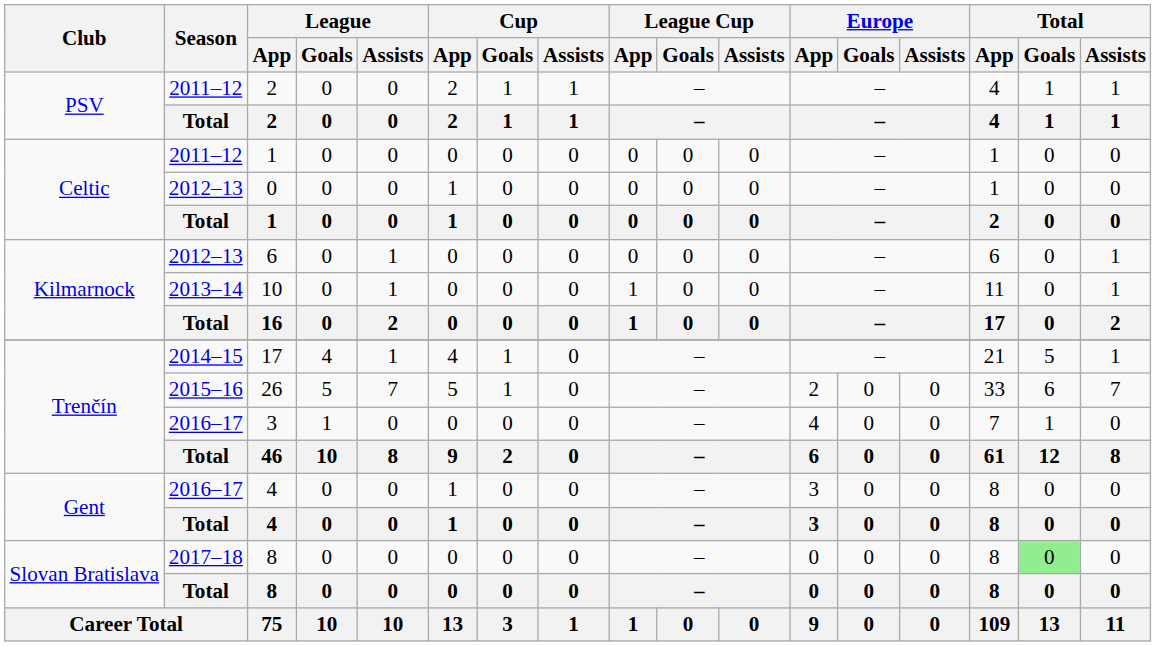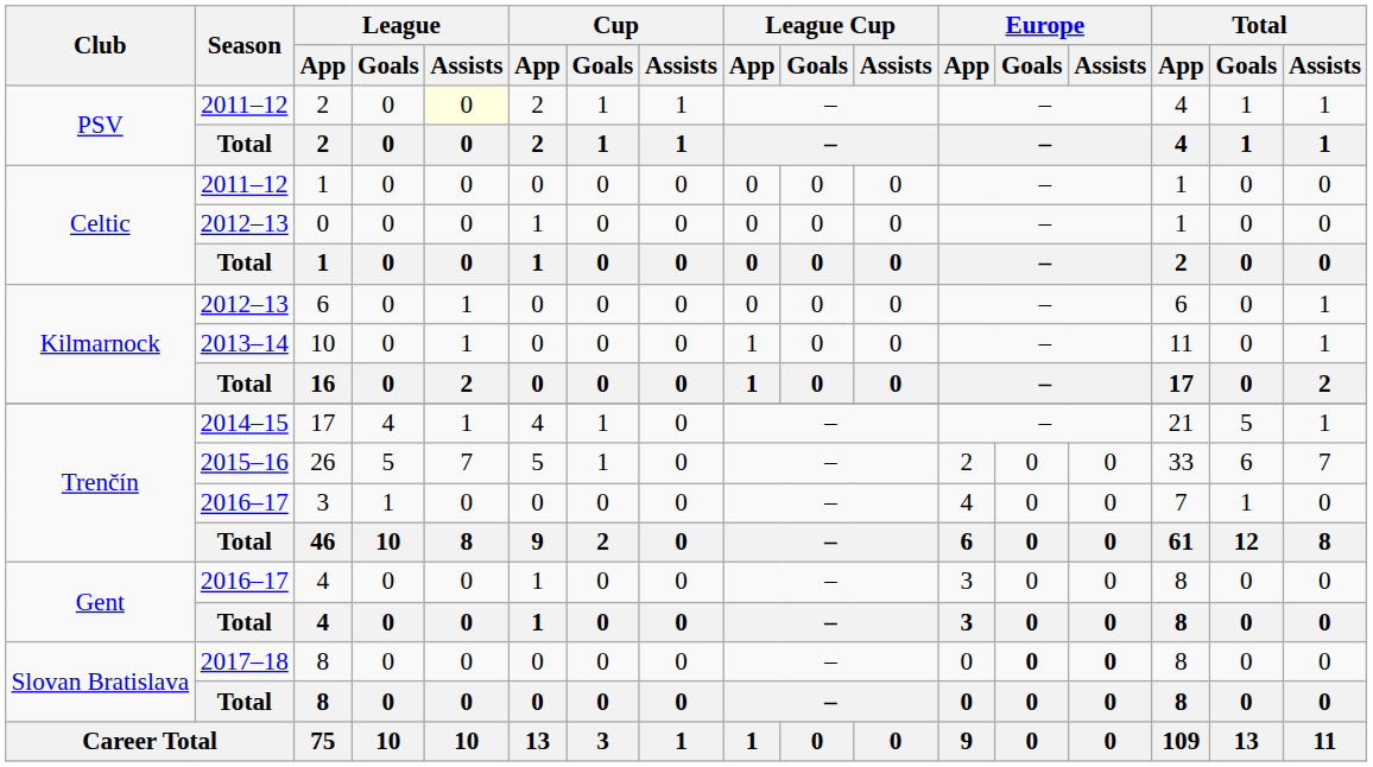 <table class="wikitable" style="text-align: center;">
 <tr>
 <th rowspan="2">Club</th>
 <th rowspan="2">Season</th>
 <th colspan="3">League</th>
 <th colspan="3">Cup</th>
 <th colspan="3">League Cup</th>
 <th colspan="3"><a href='#'>Europe</a></th>
 <th colspan="3">Total</th>
 </tr>
 <tr>
 <th>App</th>
 <th>Goals</th>
 <th>Assists</th>
 <th>App</th>
 <th>Goals</th>
 <th>Assists</th>
 <th>App</th>
 <th>Goals</th>
 <th>Assists</th>
 <th>App</th>
 <th>Goals</th>
 <th>Assists</th>
 <th>App</th>
 <th>Goals</th>
 <th>Assists</th>
 </tr>
 <tr>
 <td rowspan="2" valign=centre><a href='#'>PSV</a></td>
 <td><a href='#'>2011–12</a></td>
 <td>2</td>
 <td>0</td>
-<td>0</td>
+<td style="background: lightyellow;">0</td>
 <td>2</td>
 <td>1</td>
 <td>1</td>
 <td colspan="3">–</td>
 <td colspan="3">–</td>
 <td>4</td>
 <td>1</td>
 <td>1</td>
 </tr>
 <tr>
 <th>Total</th>
 <th>2</th>
 <th>0</th>
 <th>0</th>
 <th>2</th>
 <th>1</th>
 <th>1</th>
 <th colspan="3">–</th>
 <th colspan="3">–</th>
 <th>4</th>
 <th>1</th>
 <th>1</th>
 </tr>
 <tr>
 <td rowspan="3" valign=centre><a href='#'>Celtic</a></td>
 <td><a href='#'>2011–12</a></td>
 <td>1</td>
 <td>0</td>
 <td>0</td>
 <td>0</td>
 <td>0</td>
 <td>0</td>
 <td>0</td>
 <td>0</td>
 <td>0</td>
 <td colspan="3">–</td>
 <td>1</td>
 <td>0</td>
 <td>0</td>
 </tr>
 <tr>
 <td><a href='#'>2012–13</a></td>
 <td>0</td>
 <td>0</td>
 <td>0</td>
 <td>1</td>
 <td>0</td>
 <td>0</td>
 <td>0</td>
 <td>0</td>
 <td>0</td>
 <td colspan="3">–</td>
 <td>1</td>
 <td>0</td>
 <td>0</td>
 </tr>
 <tr>
 <th>Total</th>
 <th>1</th>
 <th>0</th>
 <th>0</th>
 <th>1</th>
 <th>0</th>
 <th>0</th>
 <th>0</th>
 <th>0</th>
 <th>0</th>
 <th colspan="3">–</th>
 <th>2</th>
 <th>0</th>
 <th>0</th>
 </tr>
 <tr>
 <td rowspan="3" valign=centre><a href='#'>Kilmarnock</a></td>
 <td><a href='#'>2012–13</a></td>
 <td>6</td>
 <td>0</td>
 <td>1</td>
 <td>0</td>
 <td>0</td>
 <td>0</td>
 <td>0</td>
 <td>0</td>
 <td>0</td>
 <td colspan="3">–</td>
 <td>6</td>
 <td>0</td>
 <td>1</td>
 </tr>
 <tr>
 <td><a href='#'>2013–14</a></td>
 <td>10</td>
 <td>0</td>
 <td>1</td>
 <td>0</td>
 <td>0</td>
 <td>0</td>
 <td>1</td>
 <td>0</td>
 <td>0</td>
 <td colspan="3">–</td>
 <td>11</td>
 <td>0</td>
 <td>1</td>
 </tr>
 <tr>
 <th>Total</th>
 <th>16</th>
 <th>0</th>
 <th>2</th>
 <th>0</th>
 <th>0</th>
 <th>0</th>
 <th>1</th>
 <th>0</th>
 <th>0</th>
 <th colspan="3">–</th>
 <th>17</th>
 <th>0</th>
 <th>2</th>
 </tr>
 <tr>
 </tr>
 <tr>
 <td rowspan="4" valign=centre><a href='#'>Trenčín</a></td>
 <td><a href='#'>2014–15</a></td>
 <td>17</td>
 <td>4</td>
 <td>1</td>
 <td>4</td>
 <td>1</td>
 <td>0</td>
 <td colspan="3">–</td>
 <td colspan="3">–</td>
 <td>21</td>
 <td>5</td>
 <td>1</td>
 </tr>
 <tr>
 <td><a href='#'>2015–16</a></td>
 <td>26</td>
 <td>5</td>
 <td>7</td>
 <td>5</td>
 <td>1</td>
 <td>0</td>
 <td colspan="3">–</td>
 <td>2</td>
 <td>0</td>
 <td>0</td>
 <td colspan="1">33</td>
 <td>6</td>
 <td>7</td>
 </tr>
 <tr>
 <td><a href='#'>2016–17</a></td>
 <td>3</td>
 <td>1</td>
 <td>0</td>
 <td>0</td>
 <td>0</td>
 <td>0</td>
 <td colspan="3">–</td>
 <td>4</td>
 <td>0</td>
 <td>0</td>
 <td>7</td>
 <td>1</td>
 <td>0</td>
 </tr>
 <tr>
 <th>Total</th>
 <th>46</th>
 <th>10</th>
 <th>8</th>
 <th>9</th>
 <th>2</th>
 <th>0</th>
 <th colspan="3">–</th>
 <th>6</th>
 <th>0</th>
 <th>0</th>
 <th>61</th>
 <th>12</th>
 <th>8</th>
 </tr>
 <tr>
 <td rowspan="2" valign=centre><a href='#'>Gent</a></td>
 <td><a href='#'>2016–17</a></td>
 <td>4</td>
 <td>0</td>
 <td>0</td>
 <td>1</td>
 <td>0</td>
 <td>0</td>
 <td colspan="3">–</td>
 <td>3</td>
 <td>0</td>
 <td>0</td>
 <td>8</td>
 <td>0</td>
 <td>0</td>
 </tr>
 <tr>
 <th>Total</th>
 <th>4</th>
 <th>0</th>
 <th>0</th>
 <th>1</th>
 <th>0</th>
 <th>0</th>
 <th colspan="3">–</th>
 <th>3</th>
 <th>0</th>
 <th>0</th>
 <th>8</th>
 <th>0</th>
 <th>0</th>
 </tr>
 <tr>
 <td rowspan="2" valign=centre><a href='#'>Slovan Bratislava</a></td>
 <td><a href='#'>2017–18</a></td>
 <td>8</td>
 <td>0</td>
 <td>0</td>
 <td>0</td>
 <td>0</td>
 <td>0</td>
 <td colspan="3">–</td>
 <td>0</td>
+<td><strong>0</strong></td>
+<td><strong>0</strong></td>
+<td>8</td>
 <td>0</td>
-<td>0</td>
-<td>8</td>
-<td style="background: lightgreen;">0</td>
 <td>0</td>
 </tr>
 <tr>
 <th>Total</th>
 <th>8</th>
 <th>0</th>
 <th>0</th>
 <th>0</th>
 <th>0</th>
 <th>0</th>
 <th colspan="3">–</th>
 <th>0</th>
 <th>0</th>
 <th>0</th>
 <th>8</th>
 <th>0</th>
 <th>0</th>
 </tr>
 <tr>
 <th colspan="2">Career Total</th>
 <th>75</th>
 <th>10</th>
 <th>10</th>
 <th>13</th>
 <th>3</th>
 <th>1</th>
 <th>1</th>
 <th>0</th>
 <th>0</th>
 <th>9</th>
 <th>0</th>
 <th>0</th>
 <th>109</th>
 <th>13</th>
 <th>11</th>
 </tr>
 </table>
